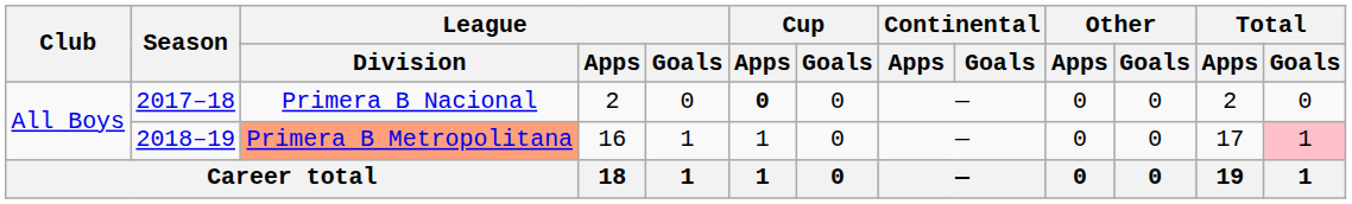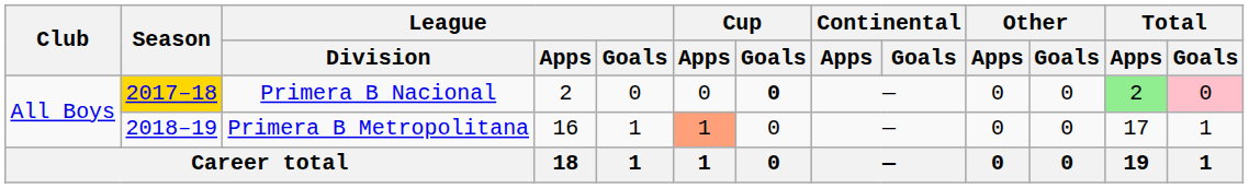 <table class="wikitable" style="text-align:center">
 <tr>
 <th rowspan="2">Club</th>
 <th rowspan="2">Season</th>
 <th colspan="3">League</th>
 <th colspan="2">Cup</th>
 <th colspan="2">Continental</th>
 <th colspan="2">Other</th>
 <th colspan="2">Total</th>
 </tr>
 <tr>
 <th>Division</th>
 <th>Apps</th>
 <th>Goals</th>
 <th>Apps</th>
 <th>Goals</th>
 <th>Apps</th>
 <th>Goals</th>
 <th>Apps</th>
 <th>Goals</th>
 <th>Apps</th>
 <th>Goals</th>
 </tr>
 <tr>
 <td rowspan="2"><a href='#'>All Boys</a></td>
-<td><a href='#'>2017–18</a></td>
+<td style="background: gold;"><a href='#'>2017–18</a></td>
 <td rowspan="1"><a href='#'>Primera B Nacional</a></td>
 <td>2</td>
 <td>0</td>
+<td>0</td>
 <td><strong>0</strong></td>
-<td>0</td>
 <td colspan="2">—</td>
 <td>0</td>
 <td>0</td>
-<td>2</td>
-<td>0</td>
+<td style="background: lightgreen;">2</td>
+<td style="background: pink;">0</td>
 </tr>
 <tr>
 <td><a href='#'>2018–19</a></td>
-<td rowspan="1" style="background: lightsalmon;"><a href='#'>Primera B Metropolitana</a></td>
+<td rowspan="1"><a href='#'>Primera B Metropolitana</a></td>
 <td>16</td>
 <td>1</td>
-<td>1</td>
+<td style="background: lightsalmon;">1</td>
 <td>0</td>
 <td colspan="2">—</td>
 <td>0</td>
 <td>0</td>
 <td>17</td>
-<td style="background: pink;">1</td>
+<td>1</td>
 </tr>
 <tr>
 <th colspan="3">Career total</th>
 <th>18</th>
 <th>1</th>
 <th>1</th>
 <th>0</th>
 <th colspan="2">—</th>
 <th>0</th>
 <th>0</th>
 <th>19</th>
 <th>1</th>
 </tr>
 </table>
